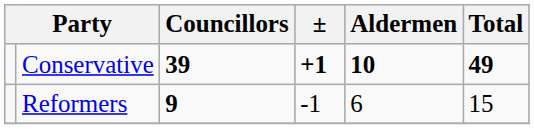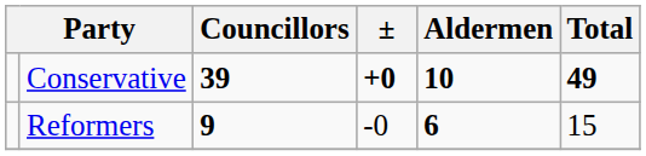 <table class="wikitable">
 <tr>
 <th colspan="2">Party</th>
 <th>Councillors</th>
 <th>  ±  </th>
 <th>Aldermen</th>
 <th>Total</th>
 </tr>
 <tr>
 <td style="background-color: "></td>
 <td><a href='#'>Conservative</a></td>
 <td><strong>39</strong></td>
-<td><strong>+1</strong></td>
+<td><strong>+0</strong></td>
 <td><strong>10</strong></td>
 <td><strong>49</strong></td>
 </tr>
 <tr>
 <td style="background-color: "></td>
 <td><a href='#'>Reformers</a></td>
 <td><strong>9</strong></td>
-<td>-1</td>
-<td>6</td>
+<td>-0</td>
+<td><strong>6</strong></td>
 <td>15</td>
 </tr>
 <tr>
 </tr>
 </table>
